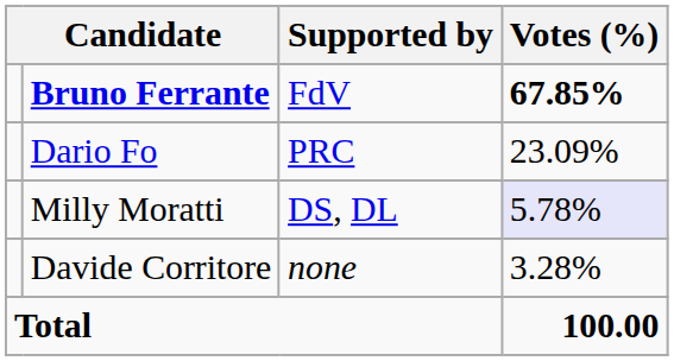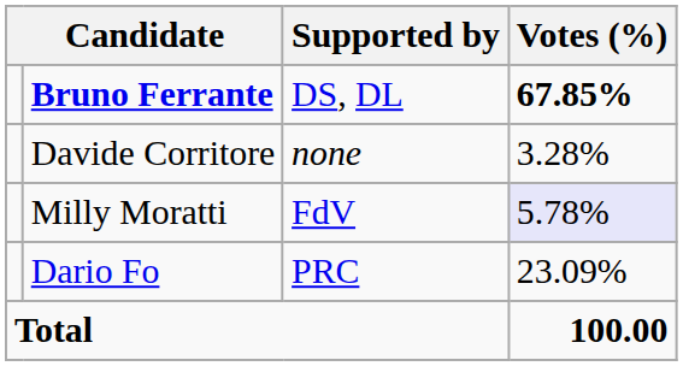 <table class="wikitable" style="font-size:95%">
 <tr style="background:#efefef;">
 <th colspan=2>Candidate</th>
 <th>Supported by</th>
 <th>Votes (%)</th>
 </tr>
 <tr>
 <td></td>
 <td><strong><a href='#'>Bruno Ferrante</a></strong></td>
+<td><a href='#'>DS</a>, <a href='#'>DL</a></td>
+<td><strong>67.85%</strong></td>
+</tr>
+<tr>
+<td></td>
+<td>Davide Corritore</td>
+<td><em>none</em></td>
+<td>3.28%</td>
+</tr>
+<tr>
+<td></td>
+<td>Milly Moratti</td>
 <td><a href='#'>FdV</a></td>
-<td><strong>67.85%</strong></td>
+<td style="background: lavender;">5.78%</td>
 </tr>
 <tr>
 <td></td>
 <td><a href='#'>Dario Fo</a></td>
 <td><a href='#'>PRC</a></td>
 <td>23.09%</td>
 </tr>
 <tr>
-<td></td>
-<td>Milly Moratti</td>
-<td><a href='#'>DS</a>, <a href='#'>DL</a></td>
-<td style="background: lavender;">5.78%</td>
-</tr>
-<tr>
-<td></td>
-<td>Davide Corritore</td>
-<td><em>none</em></td>
-<td>3.28%</td>
-</tr>
-<tr>
 <td align="left" colspan=3><strong>Total</strong></td>
 <td align="right"><strong>100.00</strong></td>
 </tr>
 </table>
